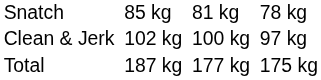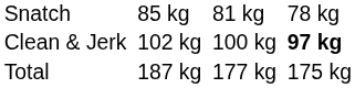 <table>
 <tr>
 <td>Snatch</td>
 <td></td>
 <td>85 kg</td>
 <td></td>
 <td>81 kg</td>
 <td></td>
 <td>78 kg</td>
 </tr>
 <tr>
 <td>Clean & Jerk</td>
 <td></td>
 <td>102 kg</td>
 <td></td>
 <td>100 kg</td>
 <td></td>
-<td>97 kg</td>
+<td><strong>97 kg</strong></td>
 </tr>
 <tr>
 <td>Total</td>
 <td></td>
 <td>187 kg</td>
 <td></td>
 <td>177 kg</td>
 <td></td>
 <td>175 kg</td>
 </tr>
 </table>
